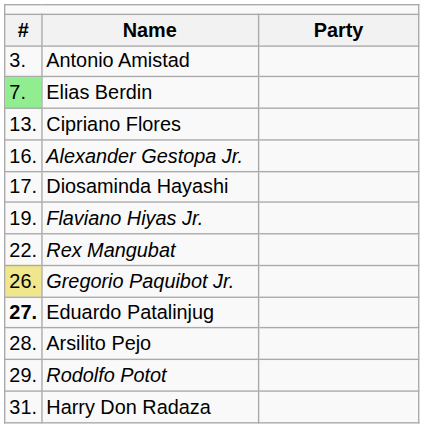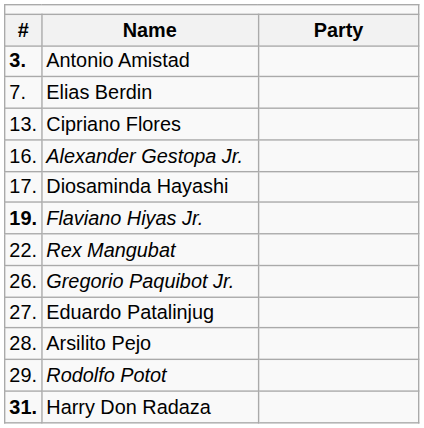 <table class=wikitable style="font-size:90%">
 <tr>
 <td colspan=4 bgcolor=></td>
 </tr>
 <tr>
 <th>#</th>
 <th width=150px>Name</th>
 <th colspan=2 width=110px>Party</th>
 </tr>
 <tr>
-<td>3.</td>
+<td><strong>3.</strong></td>
 <td>Antonio Amistad</td>
 <td></td>
 </tr>
 <tr>
-<td style="background: lightgreen;">7.</td>
+<td>7.</td>
 <td>Elias Berdin</td>
 <td></td>
 </tr>
 <tr>
 <td>13.</td>
 <td>Cipriano Flores</td>
 <td></td>
 </tr>
 <tr>
 <td>16.</td>
 <td><em>Alexander Gestopa Jr.</em></td>
 <td></td>
 </tr>
 <tr>
 <td>17.</td>
 <td>Diosaminda Hayashi</td>
 <td></td>
 </tr>
 <tr>
-<td>19.</td>
+<td><strong>19.</strong></td>
 <td><em>Flaviano Hiyas Jr.</em></td>
 <td></td>
 </tr>
 <tr>
 <td>22.</td>
 <td><em>Rex Mangubat</em></td>
 <td></td>
 </tr>
 <tr>
-<td style="background: khaki;">26.</td>
+<td>26.</td>
 <td><em>Gregorio Paquibot Jr.</em></td>
 <td></td>
 </tr>
 <tr>
-<td><strong>27.</strong></td>
+<td>27.</td>
 <td>Eduardo Patalinjug</td>
 <td></td>
 </tr>
 <tr>
 <td>28.</td>
 <td>Arsilito Pejo</td>
 <td></td>
 </tr>
 <tr>
 <td>29.</td>
 <td><em>Rodolfo Potot</em></td>
 <td></td>
 </tr>
 <tr>
-<td>31.</td>
+<td><strong>31.</strong></td>
 <td>Harry Don Radaza</td>
 <td></td>
 </tr>
 </table>
